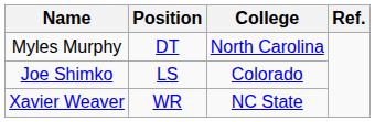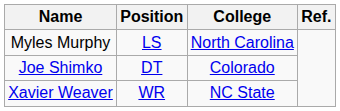 <table class="wikitable" style="text-align:center">
 <tr>
 <th>Name</th>
 <th>Position</th>
 <th>College</th>
 <th>Ref.</th>
 </tr>
 <tr>
 <td>Myles Murphy</td>
-<td><a href='#'>DT</a></td>
+<td><a href='#'>LS</a></td>
 <td><a href='#'>North Carolina</a></td>
 <td rowspan="3"></td>
 </tr>
 <tr>
 <td><a href='#'>Joe Shimko</a></td>
-<td><a href='#'>LS</a></td>
+<td><a href='#'>DT</a></td>
 <td><a href='#'>Colorado</a></td>
 </tr>
 <tr>
 <td><a href='#'>Xavier Weaver</a></td>
 <td><a href='#'>WR</a></td>
 <td><a href='#'>NC State</a></td>
 </tr>
 </table>
